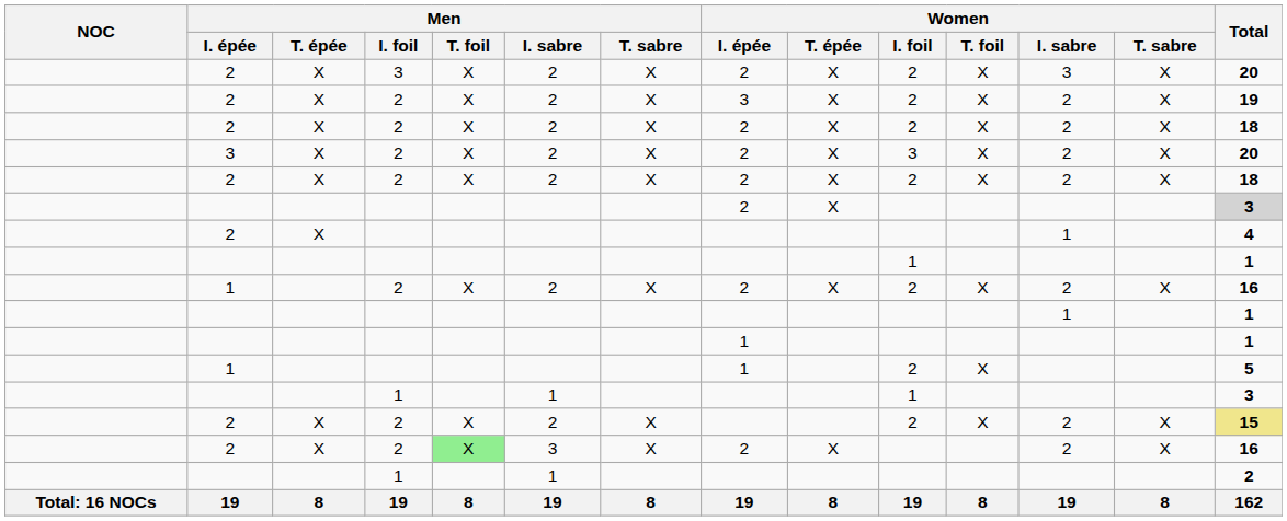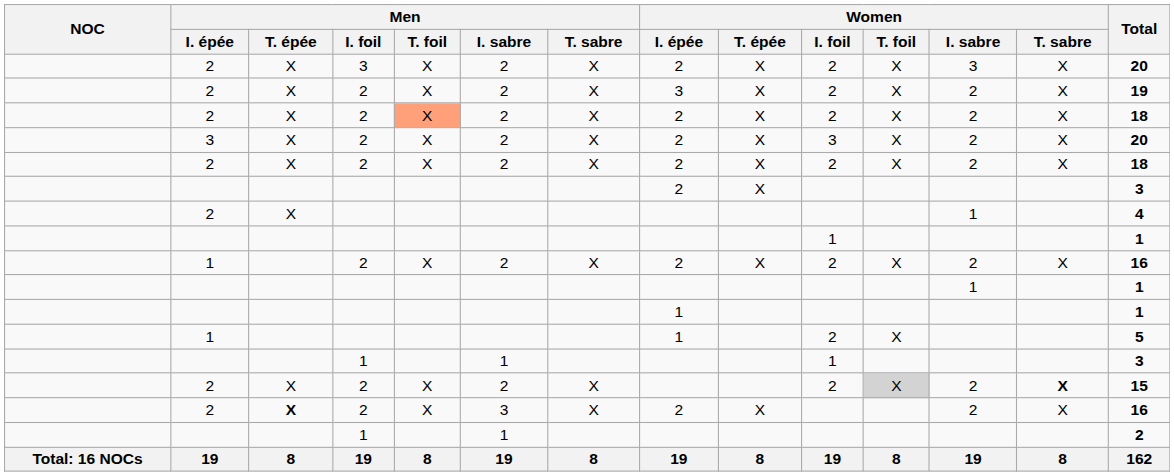 <table class="wikitable sortable" width=1080 style="text-align:center; font-size:90%">
 <tr>
 <th rowspan="2" align="left">NOC</th>
 <th colspan="6">Men</th>
 <th colspan="6">Women</th>
 <th rowspan="2">Total</th>
 </tr>
 <tr>
 <th>I. épée</th>
 <th>T. épée</th>
 <th>I. foil</th>
 <th>T. foil</th>
 <th>I. sabre</th>
 <th>T. sabre</th>
 <th>I. épée</th>
 <th>T. épée</th>
 <th>I. foil</th>
 <th>T. foil</th>
 <th>I. sabre</th>
 <th>T. sabre</th>
 </tr>
 <tr>
 <td style="text-align:left;"></td>
 <td>2</td>
 <td>X</td>
 <td>3</td>
 <td>X</td>
 <td>2</td>
 <td>X</td>
 <td>2</td>
 <td>X</td>
 <td>2</td>
 <td>X</td>
 <td>3</td>
 <td>X</td>
 <td><strong>20</strong></td>
 </tr>
 <tr>
 <td style="text-align:left;"></td>
 <td>2</td>
 <td>X</td>
 <td>2</td>
 <td>X</td>
 <td>2</td>
 <td>X</td>
 <td>3</td>
 <td>X</td>
 <td>2</td>
 <td>X</td>
 <td>2</td>
 <td>X</td>
 <td><strong>19</strong></td>
 </tr>
 <tr>
 <td style="text-align:left;"></td>
 <td>2</td>
 <td>X</td>
 <td>2</td>
-<td>X</td>
+<td style="background: lightsalmon;">X</td>
 <td>2</td>
 <td>X</td>
 <td>2</td>
 <td>X</td>
 <td>2</td>
 <td>X</td>
 <td>2</td>
 <td>X</td>
 <td><strong>18</strong></td>
 </tr>
 <tr>
 <td style="text-align:left;"></td>
 <td>3</td>
 <td>X</td>
 <td>2</td>
 <td>X</td>
 <td>2</td>
 <td>X</td>
 <td>2</td>
 <td>X</td>
 <td>3</td>
 <td>X</td>
 <td>2</td>
 <td>X</td>
 <td><strong>20</strong></td>
 </tr>
 <tr>
 <td style="text-align:left;"></td>
 <td>2</td>
 <td>X</td>
 <td>2</td>
 <td>X</td>
 <td>2</td>
 <td>X</td>
 <td>2</td>
 <td>X</td>
 <td>2</td>
 <td>X</td>
 <td>2</td>
 <td>X</td>
 <td><strong>18</strong></td>
 </tr>
 <tr>
 <td style="text-align:left;"></td>
 <td></td>
 <td></td>
 <td></td>
 <td></td>
 <td></td>
 <td></td>
 <td>2</td>
 <td>X</td>
 <td></td>
 <td></td>
 <td></td>
 <td></td>
-<td style="background: lightgrey;"><strong>3</strong></td>
+<td><strong>3</strong></td>
 </tr>
 <tr>
 <td style="text-align:left;"></td>
 <td>2</td>
 <td>X</td>
 <td></td>
 <td></td>
 <td></td>
 <td></td>
 <td></td>
 <td></td>
 <td></td>
 <td></td>
 <td>1</td>
 <td></td>
 <td><strong>4</strong></td>
 </tr>
 <tr>
 <td style="text-align:left;"></td>
 <td></td>
 <td></td>
 <td></td>
 <td></td>
 <td></td>
 <td></td>
 <td></td>
 <td></td>
 <td>1</td>
 <td></td>
 <td></td>
 <td></td>
 <td><strong>1</strong></td>
 </tr>
 <tr>
 <td style="text-align:left;"></td>
 <td>1</td>
 <td></td>
 <td>2</td>
 <td>X</td>
 <td>2</td>
 <td>X</td>
 <td>2</td>
 <td>X</td>
 <td>2</td>
 <td>X</td>
 <td>2</td>
 <td>X</td>
 <td><strong>16</strong></td>
 </tr>
 <tr>
 <td style="text-align:left;"></td>
 <td></td>
 <td></td>
 <td></td>
 <td></td>
 <td></td>
 <td></td>
 <td></td>
 <td></td>
 <td></td>
 <td></td>
 <td>1</td>
 <td></td>
 <td><strong>1</strong></td>
 </tr>
 <tr>
 <td style="text-align:left;"></td>
 <td></td>
 <td></td>
 <td></td>
 <td></td>
 <td></td>
 <td></td>
 <td>1</td>
 <td></td>
 <td></td>
 <td></td>
 <td></td>
 <td></td>
 <td><strong>1</strong></td>
 </tr>
 <tr>
 <td style="text-align:left;"></td>
 <td>1</td>
 <td></td>
 <td></td>
 <td></td>
 <td></td>
 <td></td>
 <td>1</td>
 <td></td>
 <td>2</td>
 <td>X</td>
 <td></td>
 <td></td>
 <td><strong>5</strong></td>
 </tr>
 <tr>
 <td style="text-align:left;"></td>
 <td></td>
 <td></td>
 <td>1</td>
 <td></td>
 <td>1</td>
 <td></td>
 <td></td>
 <td></td>
 <td>1</td>
 <td></td>
 <td></td>
 <td></td>
 <td><strong>3</strong></td>
 </tr>
 <tr>
 <td style="text-align:left;"></td>
 <td>2</td>
 <td>X</td>
 <td>2</td>
 <td>X</td>
 <td>2</td>
 <td>X</td>
 <td></td>
 <td></td>
 <td>2</td>
-<td>X</td>
+<td style="background: lightgrey;">X</td>
 <td>2</td>
-<td>X</td>
-<td style="background: khaki;"><strong>15</strong></td>
+<td><strong>X</strong></td>
+<td><strong>15</strong></td>
 </tr>
 <tr>
 <td style="text-align:left;"></td>
 <td>2</td>
+<td><strong>X</strong></td>
+<td>2</td>
 <td>X</td>
-<td>2</td>
-<td style="background: lightgreen;">X</td>
 <td>3</td>
 <td>X</td>
 <td>2</td>
 <td>X</td>
 <td></td>
 <td></td>
 <td>2</td>
 <td>X</td>
 <td><strong>16</strong></td>
 </tr>
 <tr>
 <td style="text-align:left;"></td>
 <td></td>
 <td></td>
 <td>1</td>
 <td></td>
 <td>1</td>
 <td></td>
 <td></td>
 <td></td>
 <td></td>
 <td></td>
 <td></td>
 <td></td>
 <td><strong>2</strong></td>
 </tr>
 <tr>
 <th>Total: 16 NOCs</th>
 <th>19</th>
 <th>8</th>
 <th>19</th>
 <th>8</th>
 <th>19</th>
 <th>8</th>
 <th>19</th>
 <th>8</th>
 <th>19</th>
 <th>8</th>
 <th>19</th>
 <th>8</th>
 <th>162</th>
 </tr>
 </table>
